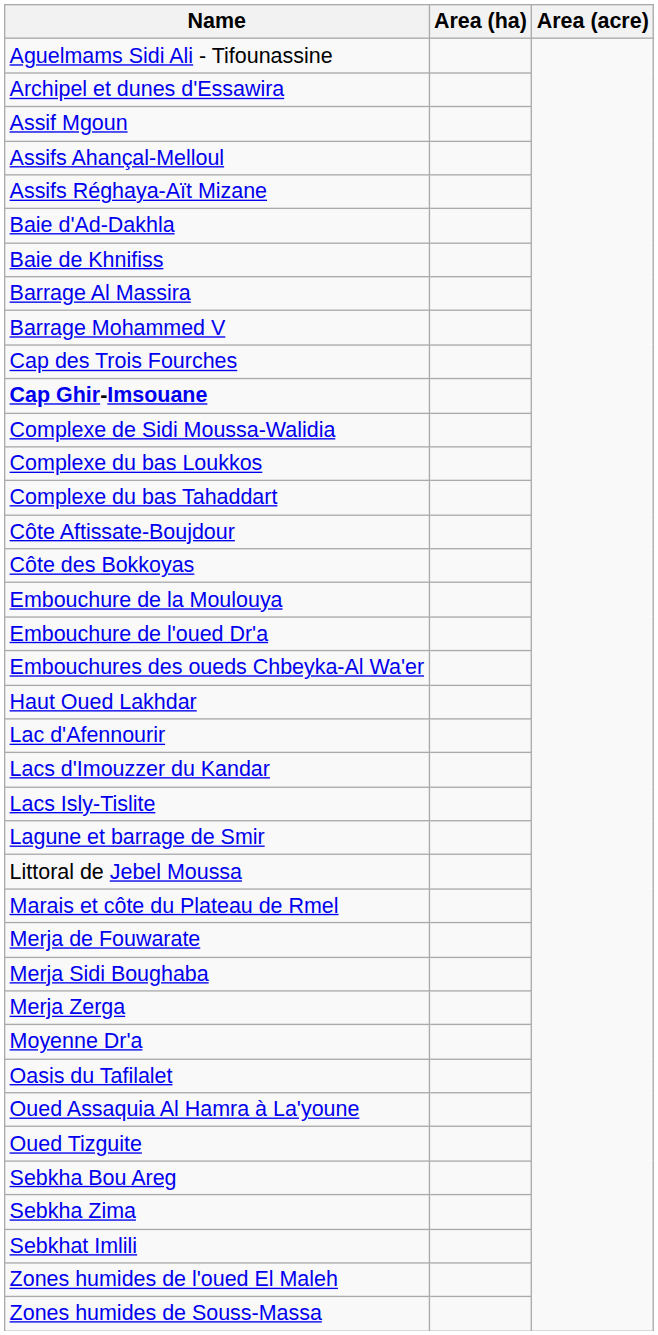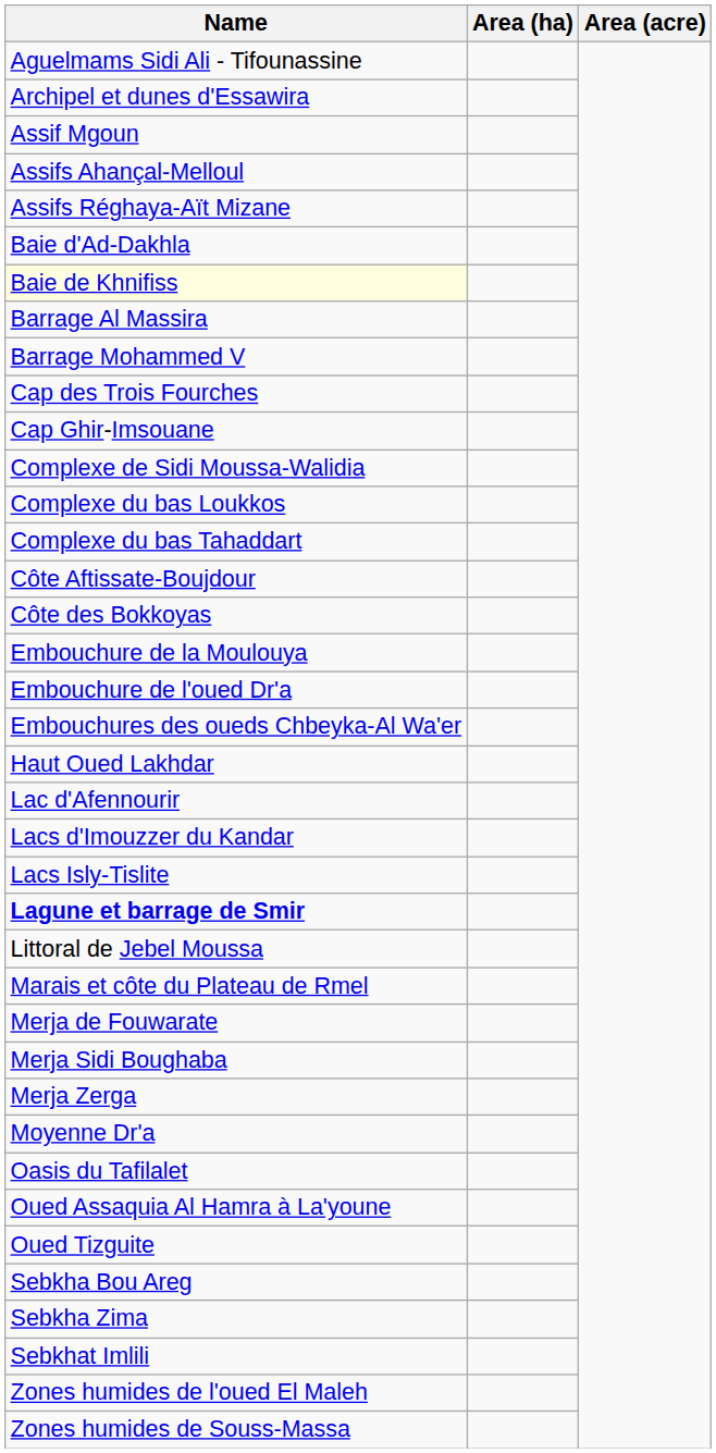 <table class="wikitable sortable">
 <tr>
 <th scope="col" align=left>Name</th>
 <th scope="col">Area (ha)</th>
 <th scope="col">Area (acre)</th>
 </tr>
 <tr ---->
 <td><a href='#'>Aguelmams Sidi Ali</a> - Tifounassine</td>
 <td></td>
 </tr>
 <tr ---->
 <td><a href='#'>Archipel et dunes d'Essawira</a></td>
 <td></td>
 </tr>
 <tr ---->
 <td><a href='#'>Assif Mgoun</a></td>
 <td></td>
 </tr>
 <tr ---->
 <td><a href='#'>Assifs Ahançal-Melloul</a></td>
 <td></td>
 </tr>
 <tr ---->
 <td><a href='#'>Assifs Réghaya-Aït Mizane</a></td>
 <td></td>
 </tr>
 <tr ---->
 <td><a href='#'>Baie d'Ad-Dakhla</a></td>
 <td></td>
 </tr>
 <tr ---->
-<td><a href='#'>Baie de Khnifiss</a></td>
+<td style="background: lightyellow;"><a href='#'>Baie de Khnifiss</a></td>
 <td></td>
 </tr>
 <tr ---->
 <td><a href='#'>Barrage Al Massira</a></td>
 <td></td>
 </tr>
 <tr ---->
 <td><a href='#'>Barrage Mohammed V</a></td>
 <td></td>
 </tr>
 <tr ---->
 <td><a href='#'>Cap des Trois Fourches</a></td>
 <td></td>
 </tr>
 <tr ---->
-<td><strong><a href='#'>Cap Ghir</a>-<a href='#'>Imsouane</a></strong></td>
+<td><a href='#'>Cap Ghir</a>-<a href='#'>Imsouane</a></td>
 <td></td>
 </tr>
 <tr ---->
 <td><a href='#'>Complexe de Sidi Moussa-Walidia</a></td>
 <td></td>
 </tr>
 <tr ---->
 <td><a href='#'>Complexe du bas Loukkos</a></td>
 <td></td>
 </tr>
 <tr ---->
 <td><a href='#'>Complexe du bas Tahaddart</a></td>
 <td></td>
 </tr>
 <tr ---->
 <td><a href='#'>Côte Aftissate-Boujdour</a></td>
 <td></td>
 </tr>
 <tr ---->
 <td><a href='#'>Côte des Bokkoyas</a></td>
 <td></td>
 </tr>
 <tr ---->
 <td><a href='#'>Embouchure de la Moulouya</a></td>
 <td></td>
 </tr>
 <tr ---->
 <td><a href='#'>Embouchure de l'oued Dr'a</a></td>
 <td></td>
 </tr>
 <tr ---->
 <td><a href='#'>Embouchures des oueds Chbeyka-Al Wa'er</a></td>
 <td></td>
 </tr>
 <tr ---->
 <td><a href='#'>Haut Oued Lakhdar</a></td>
 <td></td>
 </tr>
 <tr ---->
 <td><a href='#'>Lac d'Afennourir</a></td>
 <td></td>
 </tr>
 <tr ---->
 <td><a href='#'>Lacs d'Imouzzer du Kandar</a></td>
 <td></td>
 </tr>
 <tr ---->
 <td><a href='#'>Lacs Isly-Tislite</a></td>
 <td></td>
 </tr>
 <tr ---->
-<td><a href='#'>Lagune et barrage de Smir</a></td>
+<td><strong><a href='#'>Lagune et barrage de Smir</a></strong></td>
 <td></td>
 </tr>
 <tr ---->
 <td>Littoral de <a href='#'>Jebel Moussa</a></td>
 <td></td>
 </tr>
 <tr ---->
 <td><a href='#'>Marais et côte du Plateau de Rmel</a></td>
 <td></td>
 </tr>
 <tr ---->
 <td><a href='#'>Merja de Fouwarate</a></td>
 <td></td>
 </tr>
 <tr ---->
 <td><a href='#'>Merja Sidi Boughaba</a></td>
 <td></td>
 </tr>
 <tr ---->
 <td><a href='#'>Merja Zerga</a></td>
 <td></td>
 </tr>
 <tr ---->
 <td><a href='#'>Moyenne Dr'a</a></td>
 <td></td>
 </tr>
 <tr ---->
 <td><a href='#'>Oasis du Tafilalet</a></td>
 <td></td>
 </tr>
 <tr ---->
 <td><a href='#'>Oued Assaquia Al Hamra à La'youne</a></td>
 <td></td>
 </tr>
 <tr ---->
 <td><a href='#'>Oued Tizguite</a></td>
 <td></td>
 </tr>
 <tr ---->
 <td><a href='#'>Sebkha Bou Areg</a></td>
 <td></td>
 </tr>
 <tr ---->
 <td><a href='#'>Sebkha Zima</a></td>
 <td></td>
 </tr>
 <tr ---->
 <td><a href='#'>Sebkhat Imlili</a></td>
 <td></td>
 </tr>
 <tr ---->
 <td><a href='#'>Zones humides de l'oued El Maleh</a></td>
 <td></td>
 </tr>
 <tr ---->
 <td><a href='#'>Zones humides de Souss-Massa</a></td>
 <td></td>
 </tr>
 </table>
